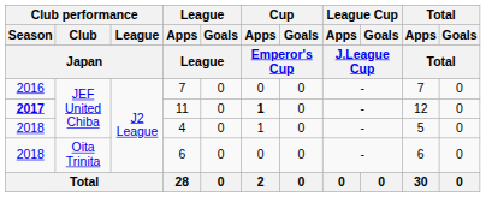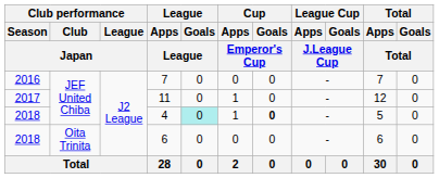 <table class="wikitable" style="text-align:center;">
 <tr>
 <th colspan=3>Club performance</th>
 <th colspan=2>League</th>
 <th colspan=2>Cup</th>
 <th colspan=2>League Cup</th>
 <th colspan=2>Total</th>
 </tr>
 <tr>
 <th>Season</th>
 <th>Club</th>
 <th>League</th>
 <th>Apps</th>
 <th>Goals</th>
 <th>Apps</th>
 <th>Goals</th>
 <th>Apps</th>
 <th>Goals</th>
 <th>Apps</th>
 <th>Goals</th>
 </tr>
 <tr>
 <th colspan=3>Japan</th>
 <th colspan=2>League</th>
 <th colspan=2><a href='#'>Emperor's Cup</a></th>
 <th colspan=2><a href='#'>J.League Cup</a></th>
 <th colspan=2>Total</th>
 </tr>
 <tr>
 <td><a href='#'>2016</a></td>
 <td rowspan="3"><a href='#'>JEF United Chiba</a></td>
 <td rowspan="4"><a href='#'>J2 League</a></td>
 <td>7</td>
 <td>0</td>
 <td>0</td>
 <td>0</td>
 <td colspan=2>-</td>
 <td>7</td>
 <td>0</td>
 </tr>
 <tr>
-<td><strong><a href='#'>2017</a></strong></td>
+<td><a href='#'>2017</a></td>
 <td>11</td>
 <td>0</td>
-<td><strong>1</strong></td>
+<td>1</td>
 <td>0</td>
 <td colspan=2>-</td>
 <td>12</td>
 <td>0</td>
 </tr>
 <tr>
 <td><a href='#'>2018</a></td>
 <td>4</td>
-<td>0</td>
+<td style="background: paleturquoise;">0</td>
 <td>1</td>
-<td>0</td>
+<td><strong>0</strong></td>
 <td colspan=2>-</td>
 <td>5</td>
 <td>0</td>
 </tr>
 <tr>
 <td><a href='#'>2018</a></td>
 <td rowspan="1"><a href='#'>Oita Trinita</a></td>
 <td>6</td>
 <td>0</td>
 <td>0</td>
 <td>0</td>
 <td colspan=2>-</td>
 <td>6</td>
 <td>0</td>
 </tr>
 <tr>
 <th colspan=3>Total</th>
 <th>28</th>
 <th>0</th>
 <th>2</th>
 <th>0</th>
 <th>0</th>
 <th>0</th>
 <th>30</th>
 <th>0</th>
 </tr>
 </table>
